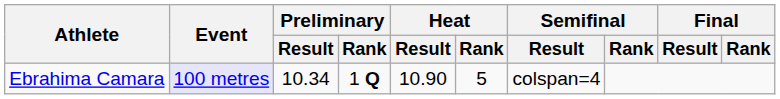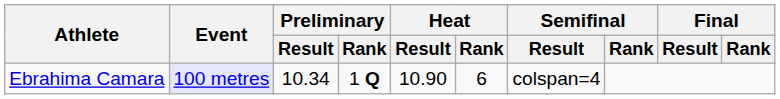 <table class="wikitable" style="font-size:90%">
 <tr>
 <th rowspan="2">Athlete</th>
 <th rowspan="2">Event</th>
 <th colspan="2">Preliminary</th>
 <th colspan="2">Heat</th>
 <th colspan="2">Semifinal</th>
 <th colspan="2">Final</th>
 </tr>
 <tr style="font-size:95%">
 <th>Result</th>
 <th>Rank</th>
 <th>Result</th>
 <th>Rank</th>
 <th>Result</th>
 <th>Rank</th>
 <th>Result</th>
 <th>Rank</th>
 </tr>
 <tr align=center>
 <td align=left><a href='#'>Ebrahima Camara</a></td>
 <td align=left style="background: lavender;"><a href='#'>100 metres</a></td>
 <td>10.34</td>
 <td>1 <strong>Q</strong></td>
 <td>10.90</td>
-<td>5</td>
+<td>6</td>
 <td>colspan=4 </td>
 </tr>
 </table>
